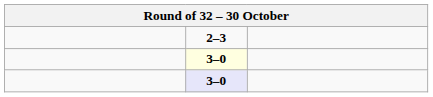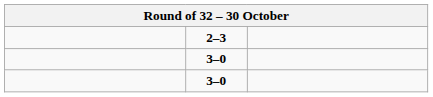 <table class="wikitable" style="text-align: center; font-size:90% ">
 <tr>
 <th colspan=3>Round of 32 – 30 October</th>
 </tr>
 <tr>
 <td align=left width="190"></td>
 <td align=center width="60"><strong>2–3</strong></td>
 <td align=left width="190"><strong></strong></td>
 </tr>
 <tr>
 <td align=left><strong></strong></td>
-<td align=center style="background: lightyellow;"><strong>3–0</strong></td>
+<td align=center><strong>3–0</strong></td>
 <td align=left></td>
 </tr>
 <tr>
 <td align=left><strong></strong></td>
-<td align=center style="background: lavender;"><strong>3–0</strong></td>
+<td align=center><strong>3–0</strong></td>
 <td align=left></td>
 </tr>
 </table>
